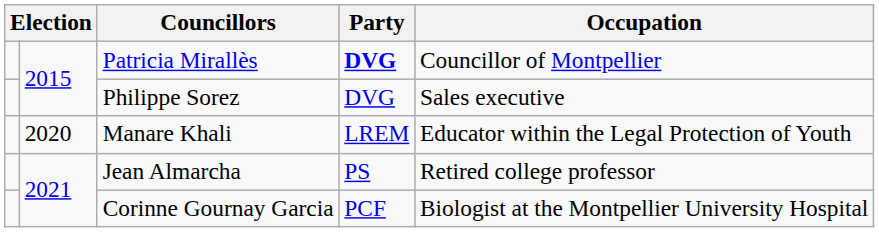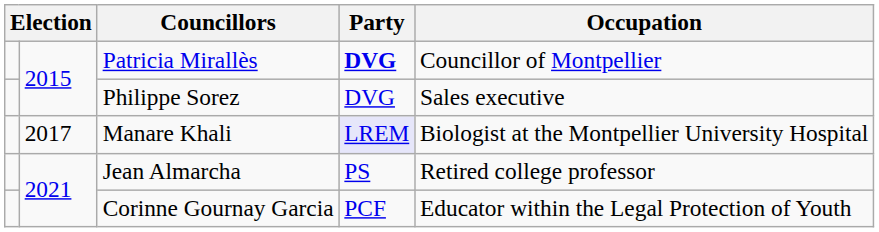 <table class="wikitable">
 <tr>
 <th colspan="2">Election</th>
 <th>Councillors</th>
 <th>Party</th>
 <th>Occupation</th>
 </tr>
 <tr>
 <td style="background-color: "></td>
 <td rowspan="2"><a href='#'>2015</a></td>
 <td><a href='#'>Patricia Mirallès</a></td>
 <td><strong><a href='#'>DVG</a></strong></td>
 <td>Councillor of <a href='#'>Montpellier</a></td>
 </tr>
 <tr>
 <td style="background-color: "></td>
 <td>Philippe Sorez</td>
 <td><a href='#'>DVG</a></td>
 <td>Sales executive</td>
 </tr>
 <tr>
 <td style="background-color: "></td>
-<td>2020</td>
+<td>2017</td>
 <td>Manare Khali</td>
-<td><a href='#'>LREM</a></td>
-<td>Educator within the Legal Protection of Youth</td>
+<td style="background: lavender;"><a href='#'>LREM</a></td>
+<td>Biologist at the Montpellier University Hospital</td>
 </tr>
 <tr>
 <td style="background-color: "></td>
 <td rowspan="2"><a href='#'>2021</a></td>
 <td>Jean Almarcha</td>
 <td><a href='#'>PS</a></td>
 <td>Retired college professor</td>
 </tr>
 <tr>
 <td style="background-color: "></td>
 <td>Corinne Gournay Garcia</td>
 <td><a href='#'>PCF</a></td>
-<td>Biologist at the Montpellier University Hospital</td>
+<td>Educator within the Legal Protection of Youth</td>
 </tr>
 </table>
